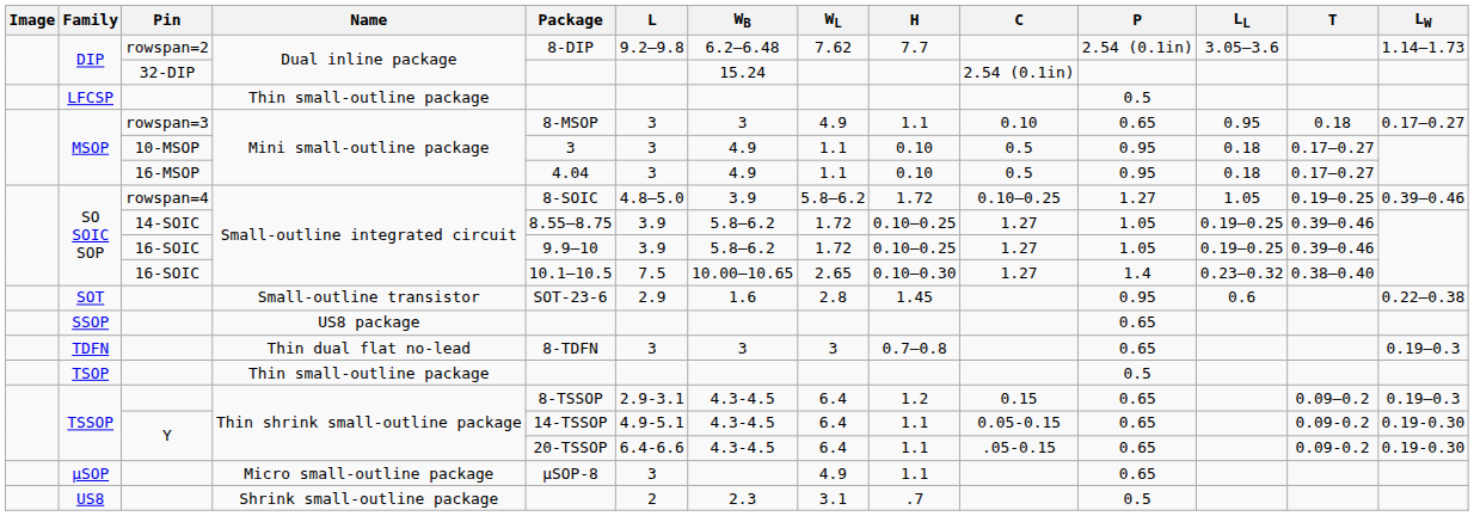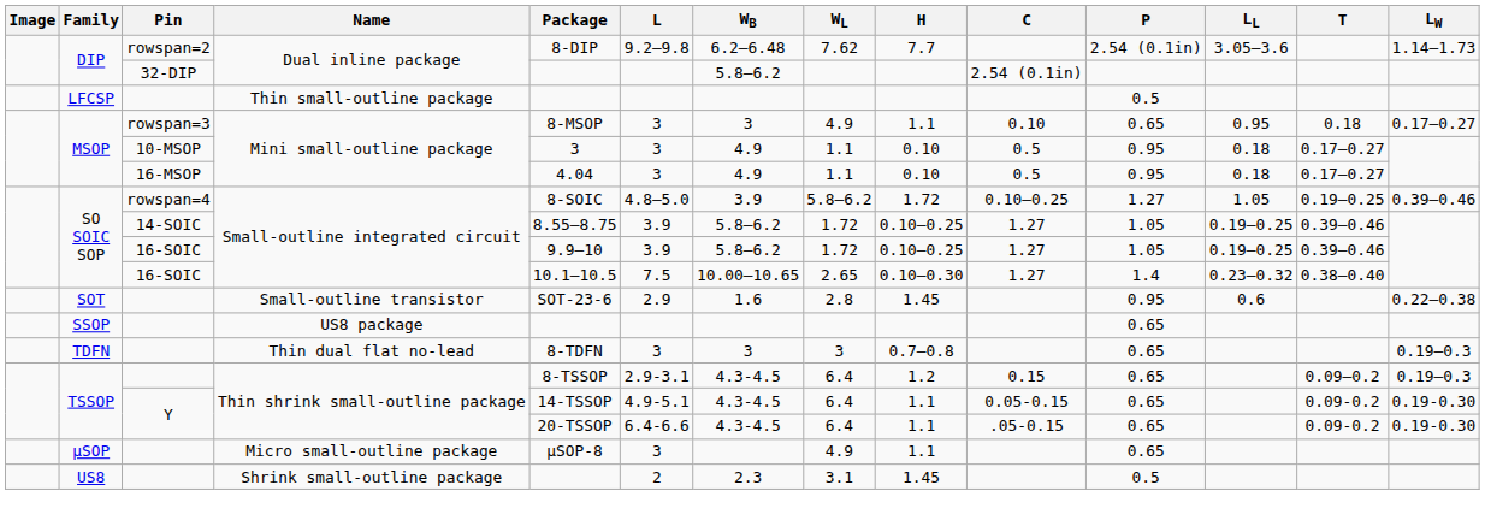 <table class="wikitable" style="text-align: center;">
 <tr>
 <th>Image</th>
 <th>Family</th>
 <th>Pin</th>
 <th>Name</th>
 <th>Package</th>
 <th>L</th>
 <th>W<sub>B</sub></th>
 <th>W<sub>L</sub></th>
 <th>H</th>
 <th>C</th>
 <th>P</th>
 <th>L<sub>L</sub></th>
 <th>T</th>
 <th>L<sub>W</sub></th>
 </tr>
 <tr>
 <td rowspan=2></td>
 <td rowspan=2><a href='#'>DIP</a></td>
 <td>rowspan=2   </td>
 <td rowspan=2>Dual inline package</td>
 <td>8-DIP</td>
 <td>9.2–9.8</td>
 <td>6.2–6.48</td>
 <td>7.62</td>
 <td>7.7</td>
 <td></td>
 <td>2.54 (0.1in)</td>
 <td>3.05–3.6</td>
 <td></td>
 <td>1.14–1.73</td>
 </tr>
 <tr>
 <td>32-DIP</td>
 <td></td>
 <td></td>
-<td>15.24</td>
+<td>5.8–6.2</td>
 <td></td>
 <td></td>
 <td>2.54 (0.1in)</td>
 <td></td>
 <td></td>
 <td></td>
 </tr>
 <tr>
 <td></td>
 <td><a href='#'>LFCSP</a></td>
 <td></td>
 <td>Thin small-outline package</td>
 <td></td>
 <td></td>
 <td></td>
 <td></td>
 <td></td>
 <td></td>
 <td>0.5</td>
 <td></td>
 <td></td>
 <td></td>
 </tr>
 <tr>
 <td rowspan=3></td>
 <td rowspan=3><a href='#'>MSOP</a></td>
 <td>rowspan=3   </td>
 <td rowspan=3>Mini small-outline package</td>
 <td>8-MSOP</td>
 <td>3</td>
 <td>3</td>
 <td>4.9</td>
 <td>1.1</td>
 <td>0.10</td>
 <td>0.65</td>
 <td>0.95</td>
 <td>0.18</td>
 <td>0.17–0.27</td>
 </tr>
 <tr>
 <td>10-MSOP</td>
 <td>3</td>
 <td>3</td>
 <td>4.9</td>
 <td>1.1</td>
 <td>0.10</td>
 <td>0.5</td>
 <td>0.95</td>
 <td>0.18</td>
 <td>0.17–0.27</td>
 </tr>
 <tr>
 <td>16-MSOP</td>
 <td>4.04</td>
 <td>3</td>
 <td>4.9</td>
 <td>1.1</td>
 <td>0.10</td>
 <td>0.5</td>
 <td>0.95</td>
 <td>0.18</td>
 <td>0.17–0.27</td>
 </tr>
 <tr>
 <td rowspan=4></td>
 <td rowspan=4>SO<br><a href='#'>SOIC</a><br>SOP</td>
 <td>rowspan=4   </td>
 <td rowspan=4>Small-outline integrated circuit</td>
 <td>8-SOIC</td>
 <td>4.8–5.0</td>
 <td>3.9</td>
 <td>5.8–6.2</td>
 <td>1.72</td>
 <td>0.10–0.25</td>
 <td>1.27</td>
 <td>1.05</td>
 <td>0.19–0.25</td>
 <td>0.39–0.46</td>
 </tr>
 <tr>
 <td>14-SOIC</td>
 <td>8.55–8.75</td>
 <td>3.9</td>
 <td>5.8–6.2</td>
 <td>1.72</td>
 <td>0.10–0.25</td>
 <td>1.27</td>
 <td>1.05</td>
 <td>0.19–0.25</td>
 <td>0.39–0.46</td>
 </tr>
 <tr>
 <td>16-SOIC</td>
 <td>9.9–10</td>
 <td>3.9</td>
 <td>5.8–6.2</td>
 <td>1.72</td>
 <td>0.10–0.25</td>
 <td>1.27</td>
 <td>1.05</td>
 <td>0.19–0.25</td>
 <td>0.39–0.46</td>
 </tr>
 <tr>
 <td>16-SOIC</td>
 <td>10.1–10.5</td>
 <td>7.5</td>
 <td>10.00–10.65</td>
 <td>2.65</td>
 <td>0.10–0.30</td>
 <td>1.27</td>
 <td>1.4</td>
 <td>0.23–0.32</td>
 <td>0.38–0.40</td>
 </tr>
 <tr>
 <td></td>
 <td><a href='#'>SOT</a></td>
 <td></td>
 <td>Small-outline transistor</td>
 <td>SOT-23-6</td>
 <td>2.9</td>
 <td>1.6</td>
 <td>2.8</td>
 <td>1.45</td>
 <td></td>
 <td>0.95</td>
 <td>0.6</td>
 <td></td>
 <td>0.22–0.38</td>
 </tr>
 <tr>
 <td></td>
 <td><a href='#'>SSOP</a></td>
 <td></td>
 <td>US8 package</td>
 <td></td>
 <td></td>
 <td></td>
 <td></td>
 <td></td>
 <td></td>
 <td>0.65</td>
 <td></td>
 <td></td>
 <td></td>
 </tr>
 <tr>
 <td></td>
 <td><a href='#'>TDFN</a></td>
 <td></td>
 <td>Thin dual flat no-lead</td>
 <td>8-TDFN</td>
 <td>3</td>
 <td>3</td>
 <td>3</td>
 <td>0.7–0.8</td>
 <td></td>
 <td>0.65</td>
 <td></td>
 <td></td>
 <td>0.19–0.3</td>
 </tr>
 <tr>
-<td></td>
-<td><a href='#'>TSOP</a></td>
-<td></td>
-<td>Thin small-outline package</td>
-<td></td>
-<td></td>
-<td></td>
-<td></td>
-<td></td>
-<td></td>
-<td>0.5</td>
-<td></td>
-<td></td>
-<td></td>
-</tr>
-<tr>
 <td rowspan="3"></td>
 <td rowspan="3"><a href='#'>TSSOP</a></td>
 <td></td>
 <td rowspan="3">Thin shrink small-outline package</td>
 <td>8-TSSOP</td>
 <td>2.9-3.1</td>
 <td>4.3-4.5</td>
 <td>6.4</td>
 <td>1.2</td>
 <td>0.15</td>
 <td>0.65</td>
 <td></td>
 <td>0.09–0.2</td>
 <td>0.19–0.3</td>
 </tr>
 <tr>
 <td rowspan="2">Y</td>
 <td>14-TSSOP</td>
 <td>4.9-5.1</td>
 <td>4.3-4.5</td>
 <td>6.4</td>
 <td>1.1</td>
 <td>0.05-0.15</td>
 <td>0.65</td>
 <td></td>
 <td>0.09-0.2</td>
 <td>0.19-0.30</td>
 </tr>
 <tr>
 <td>20-TSSOP</td>
 <td>6.4-6.6</td>
 <td>4.3-4.5</td>
 <td>6.4</td>
 <td>1.1</td>
 <td>.05-0.15</td>
 <td>0.65</td>
 <td></td>
 <td>0.09-0.2</td>
 <td>0.19-0.30</td>
 </tr>
 <tr>
 <td></td>
 <td><a href='#'>μSOP</a></td>
 <td></td>
 <td>Micro small-outline package</td>
 <td>μSOP-8</td>
 <td>3</td>
 <td></td>
 <td>4.9</td>
 <td>1.1</td>
 <td></td>
 <td>0.65</td>
 <td></td>
 <td></td>
 <td></td>
 </tr>
 <tr>
 <td></td>
 <td><a href='#'>US8</a></td>
 <td></td>
 <td>Shrink small-outline package</td>
 <td></td>
 <td>2</td>
 <td>2.3</td>
 <td>3.1</td>
-<td>.7</td>
+<td>1.45</td>
 <td></td>
 <td>0.5</td>
 <td></td>
 <td></td>
 <td></td>
 </tr>
 </table>
